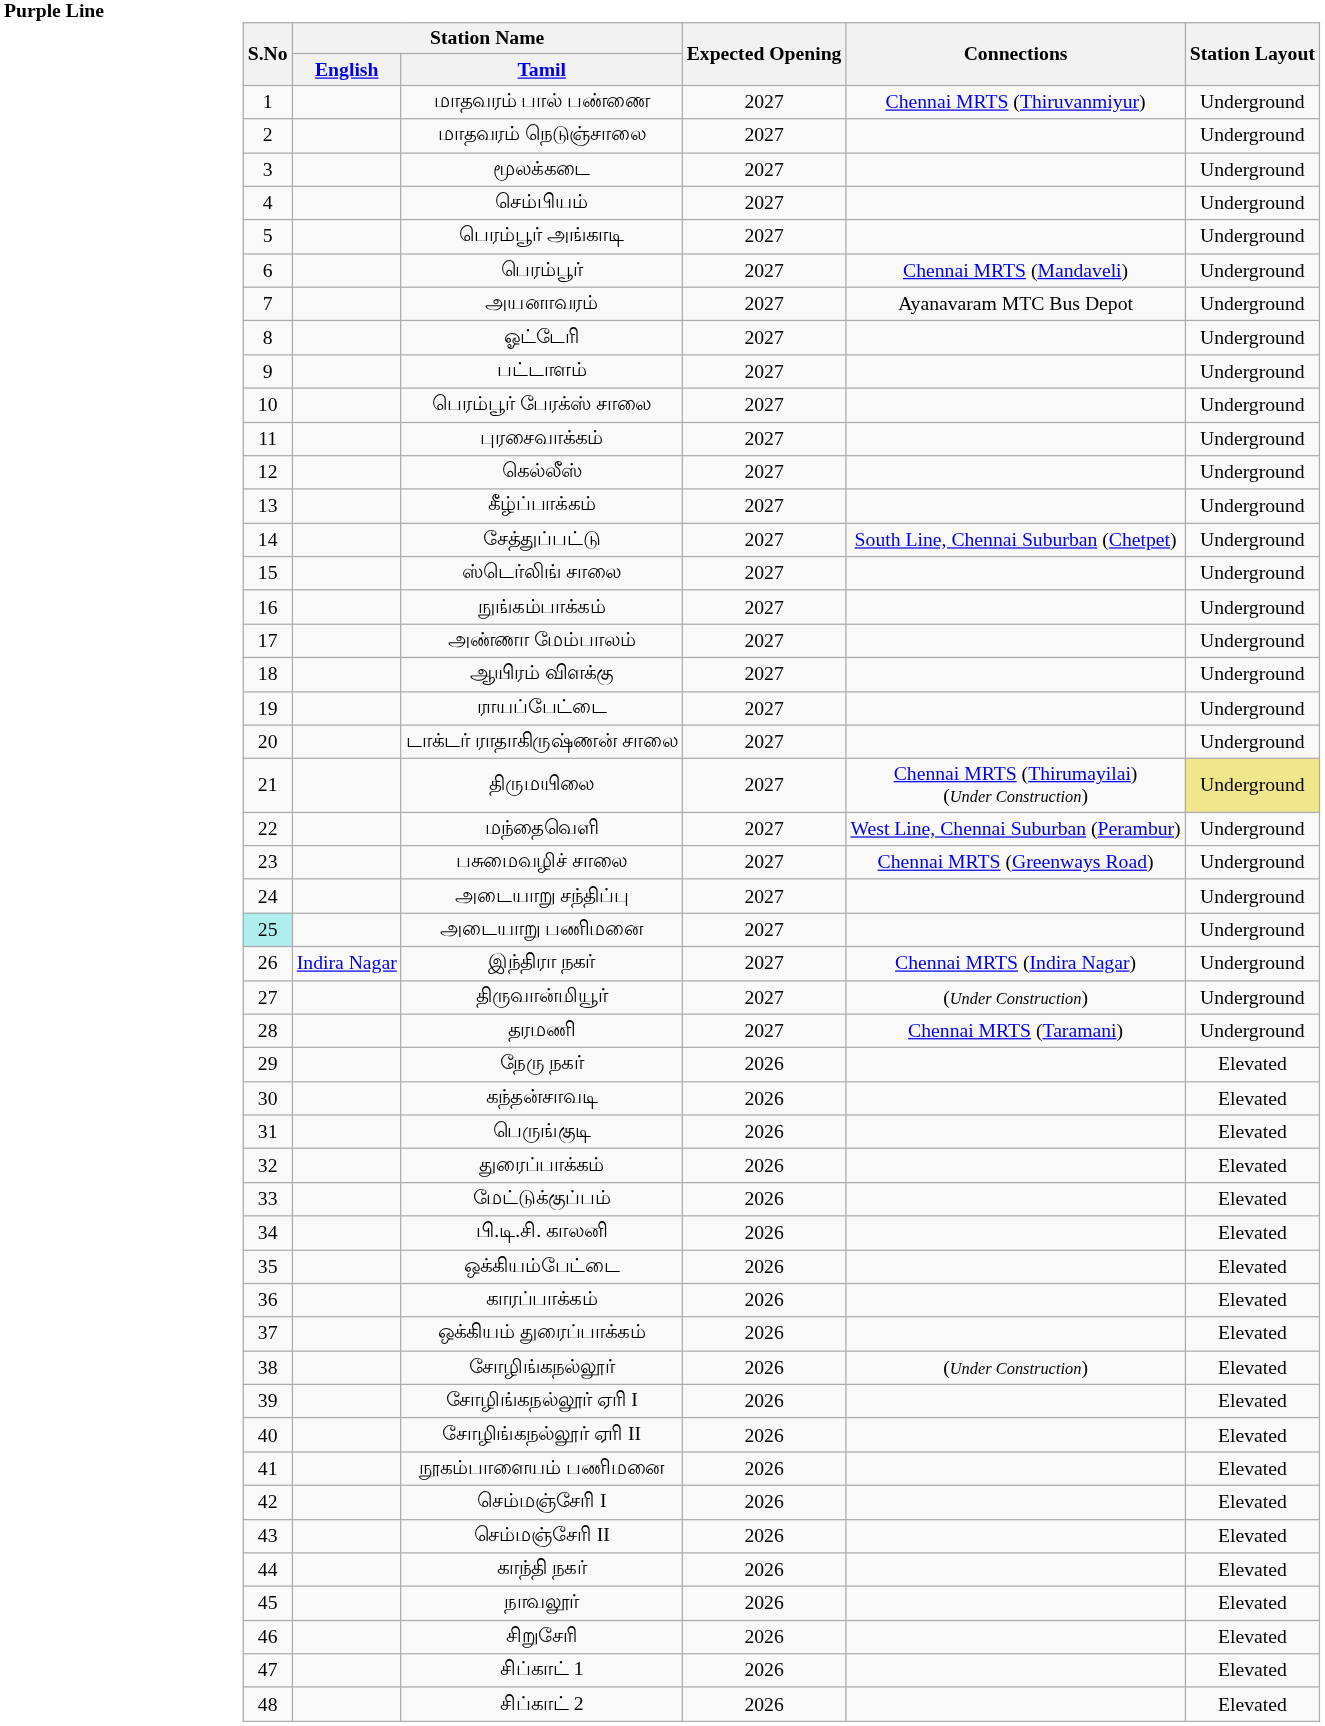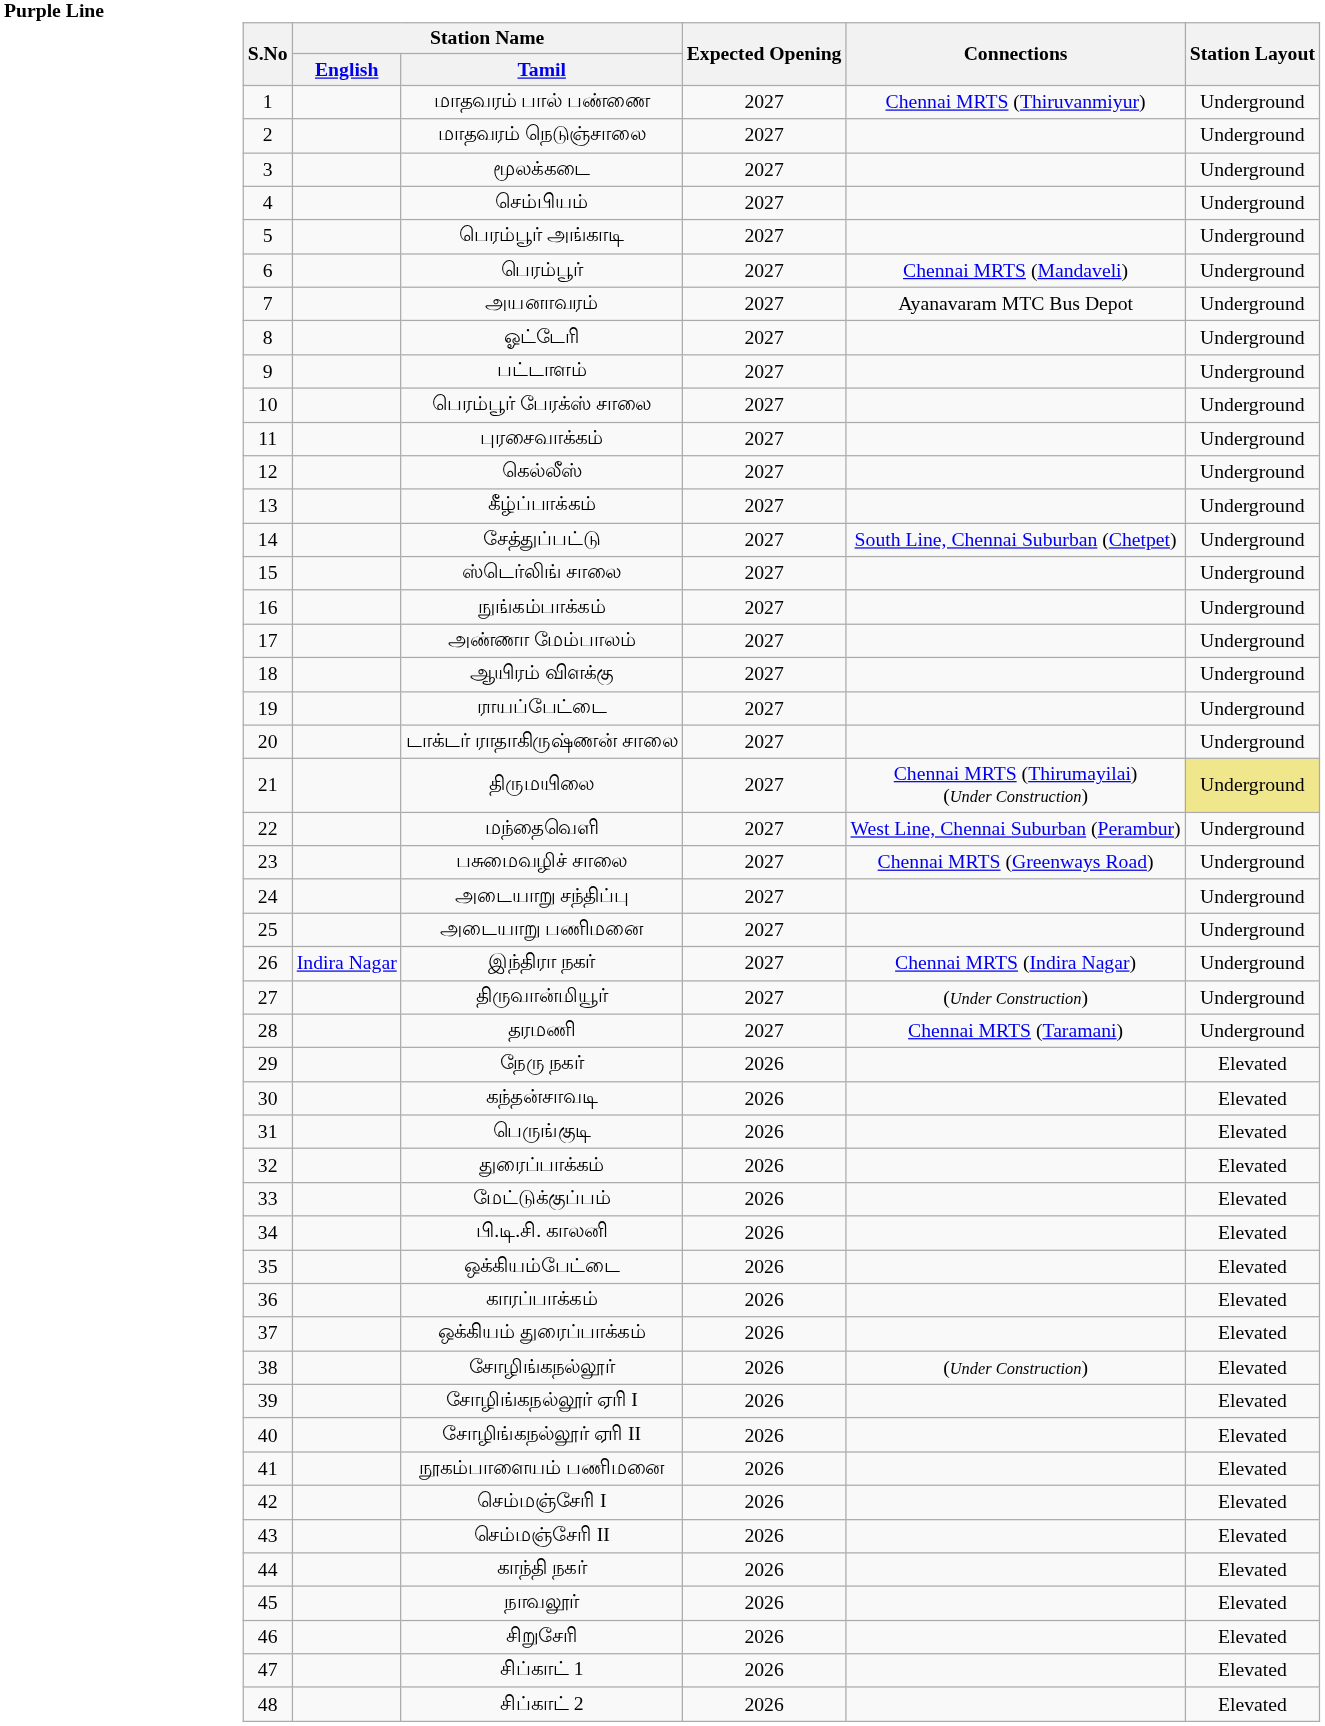 <table class="wikitable"style="text-align:center;margin:auto;>
 <tr>
 <th align="center" colspan="6" style="background:Purple;"><span><strong>Purple Line</strong></span></th>
 </tr>
 <tr>
 <th rowspan="2">S.No</th>
 <th colspan="2">Station Name</th>
 <th rowspan="2">Expected Opening</th>
 <th rowspan="2">Connections</th>
 <th rowspan="2">Station Layout</th>
 </tr>
 <tr>
 <th><a href='#'>English</a></th>
 <th><a href='#'>Tamil</a></th>
 </tr>
 <tr>
 <td>1</td>
 <td></td>
 <td>மாதவரம் பால் பண்ணை</td>
 <td>2027</td>
 <td> <a href='#'>Chennai MRTS</a> (<a href='#'>Thiruvanmiyur</a>)</td>
 <td>Underground</td>
 </tr>
 <tr>
 <td>2</td>
 <td></td>
 <td>மாதவரம் நெடுஞ்சாலை</td>
 <td>2027</td>
 <td></td>
 <td>Underground</td>
 </tr>
 <tr>
 <td>3</td>
 <td></td>
 <td>மூலக்கடை</td>
 <td>2027</td>
 <td></td>
 <td>Underground</td>
 </tr>
 <tr>
 <td>4</td>
 <td></td>
 <td>செம்பியம்</td>
 <td>2027</td>
 <td></td>
 <td>Underground</td>
 </tr>
 <tr>
 <td>5</td>
 <td></td>
 <td>பெரம்பூர் அங்காடி</td>
 <td>2027</td>
 <td></td>
 <td>Underground</td>
 </tr>
 <tr>
 <td>6</td>
 <td></td>
 <td>பெரம்பூர்</td>
 <td>2027</td>
 <td> <a href='#'>Chennai MRTS</a> (<a href='#'>Mandaveli</a>)</td>
 <td>Underground</td>
 </tr>
 <tr>
 <td>7</td>
 <td></td>
 <td>அயனாவரம்</td>
 <td>2027</td>
 <td>Ayanavaram MTC Bus Depot</td>
 <td>Underground</td>
 </tr>
 <tr>
 <td>8</td>
 <td></td>
 <td>ஓட்டேரி</td>
 <td>2027</td>
 <td></td>
 <td>Underground</td>
 </tr>
 <tr>
 <td>9</td>
 <td></td>
 <td>பட்டாளம்</td>
 <td>2027</td>
 <td></td>
 <td>Underground</td>
 </tr>
 <tr>
 <td>10</td>
 <td></td>
 <td>பெரம்பூர் பேரக்ஸ் சாலை</td>
 <td>2027</td>
 <td></td>
 <td>Underground</td>
 </tr>
 <tr>
 <td>11</td>
 <td></td>
 <td>புரசைவாக்கம்</td>
 <td>2027</td>
 <td></td>
 <td>Underground</td>
 </tr>
 <tr>
 <td>12</td>
 <td></td>
 <td>கெல்லீஸ்</td>
 <td>2027</td>
 <td></td>
 <td>Underground</td>
 </tr>
 <tr>
 <td>13</td>
 <td></td>
 <td>கீழ்ப்பாக்கம்</td>
 <td>2027</td>
 <td></td>
 <td>Underground</td>
 </tr>
 <tr>
 <td>14</td>
 <td></td>
 <td>சேத்துப்பட்டு</td>
 <td>2027</td>
 <td> <a href='#'>South Line, Chennai Suburban</a> (<a href='#'>Chetpet</a>)</td>
 <td>Underground</td>
 </tr>
 <tr>
 <td>15</td>
 <td></td>
 <td>ஸ்டெர்லிங் சாலை</td>
 <td>2027</td>
 <td></td>
 <td>Underground</td>
 </tr>
 <tr>
 <td>16</td>
 <td></td>
 <td>நுங்கம்பாக்கம்</td>
 <td>2027</td>
 <td></td>
 <td>Underground</td>
 </tr>
 <tr>
 <td>17</td>
 <td></td>
 <td>அண்ணா மேம்பாலம்</td>
 <td>2027</td>
 <td></td>
 <td>Underground</td>
 </tr>
 <tr>
 <td>18</td>
 <td></td>
 <td>ஆயிரம் விளக்கு</td>
 <td>2027</td>
 <td></td>
 <td>Underground</td>
 </tr>
 <tr>
 <td>19</td>
 <td></td>
 <td>ராயப்பேட்டை</td>
 <td>2027</td>
 <td></td>
 <td>Underground</td>
 </tr>
 <tr>
 <td>20</td>
 <td></td>
 <td>டாக்டர் ராதாகிருஷ்ணன் சாலை</td>
 <td>2027</td>
 <td></td>
 <td>Underground</td>
 </tr>
 <tr>
 <td>21</td>
 <td></td>
 <td>திருமயிலை</td>
 <td>2027</td>
 <td> <a href='#'>Chennai MRTS</a> (<a href='#'>Thirumayilai</a>) <br> (<em><small>Under Construction</small></em>)</td>
 <td style="background: khaki;">Underground</td>
 </tr>
 <tr>
 <td>22</td>
 <td></td>
 <td>மந்தைவெளி</td>
 <td>2027</td>
 <td> <a href='#'>West Line, Chennai Suburban</a> (<a href='#'>Perambur</a>)</td>
 <td>Underground</td>
 </tr>
 <tr>
 <td>23</td>
 <td></td>
 <td>பசுமைவழிச் சாலை</td>
 <td>2027</td>
 <td> <a href='#'>Chennai MRTS</a> (<a href='#'>Greenways Road</a>)</td>
 <td>Underground</td>
 </tr>
 <tr>
 <td>24</td>
 <td></td>
 <td>அடையாறு சந்திப்பு</td>
 <td>2027</td>
 <td></td>
 <td>Underground</td>
 </tr>
 <tr>
-<td style="background: paleturquoise;">25</td>
+<td>25</td>
 <td></td>
 <td>அடையாறு பணிமனை</td>
 <td>2027</td>
 <td></td>
 <td>Underground</td>
 </tr>
 <tr>
 <td>26</td>
 <td><a href='#'>Indira Nagar</a></td>
 <td>இந்திரா நகர்</td>
 <td>2027</td>
 <td> <a href='#'>Chennai MRTS</a> (<a href='#'>Indira Nagar</a>)</td>
 <td>Underground</td>
 </tr>
 <tr>
 <td>27</td>
 <td></td>
 <td>திருவான்மியூர்</td>
 <td>2027</td>
 <td> (<em><small>Under Construction</small></em>)</td>
 <td>Underground</td>
 </tr>
 <tr>
 <td>28</td>
 <td></td>
 <td>தரமணி</td>
 <td>2027</td>
 <td> <a href='#'>Chennai MRTS</a> (<a href='#'>Taramani</a>)</td>
 <td>Underground</td>
 </tr>
 <tr>
 <td>29</td>
 <td></td>
 <td>நேரு நகர்</td>
 <td>2026</td>
 <td></td>
 <td>Elevated</td>
 </tr>
 <tr>
 <td>30</td>
 <td></td>
 <td>கந்தன்சாவடி</td>
 <td>2026</td>
 <td></td>
 <td>Elevated</td>
 </tr>
 <tr>
 <td>31</td>
 <td></td>
 <td>பெருங்குடி</td>
 <td>2026</td>
 <td></td>
 <td>Elevated</td>
 </tr>
 <tr>
 <td>32</td>
 <td></td>
 <td>துரைப்பாக்கம்</td>
 <td>2026</td>
 <td></td>
 <td>Elevated</td>
 </tr>
 <tr>
 <td>33</td>
 <td></td>
 <td>மேட்டுக்குப்பம்</td>
 <td>2026</td>
 <td></td>
 <td>Elevated</td>
 </tr>
 <tr>
 <td>34</td>
 <td></td>
 <td>பி.டி.சி. காலனி</td>
 <td>2026</td>
 <td></td>
 <td>Elevated</td>
 </tr>
 <tr>
 <td>35</td>
 <td></td>
 <td>ஒக்கியம்பேட்டை</td>
 <td>2026</td>
 <td></td>
 <td>Elevated</td>
 </tr>
 <tr>
 <td>36</td>
 <td></td>
 <td>காரப்பாக்கம்</td>
 <td>2026</td>
 <td></td>
 <td>Elevated</td>
 </tr>
 <tr>
 <td>37</td>
 <td></td>
 <td>ஒக்கியம் துரைப்பாக்கம்</td>
 <td>2026</td>
 <td></td>
 <td>Elevated</td>
 </tr>
 <tr>
 <td>38</td>
 <td></td>
 <td>சோழிங்கநல்லூர்</td>
 <td>2026</td>
 <td> (<em><small>Under Construction</small></em>)</td>
 <td>Elevated</td>
 </tr>
 <tr>
 <td>39</td>
 <td></td>
 <td>சோழிங்கநல்லூர் ஏரி I</td>
 <td>2026</td>
 <td></td>
 <td>Elevated</td>
 </tr>
 <tr>
 <td>40</td>
 <td></td>
 <td>சோழிங்கநல்லூர் ஏரி II</td>
 <td>2026</td>
 <td></td>
 <td>Elevated</td>
 </tr>
 <tr>
 <td>41</td>
 <td></td>
 <td>நூகம்பாளையம் பணிமனை</td>
 <td>2026</td>
 <td></td>
 <td>Elevated</td>
 </tr>
 <tr>
 <td>42</td>
 <td></td>
 <td>செம்மஞ்சேரி I</td>
 <td>2026</td>
 <td></td>
 <td>Elevated</td>
 </tr>
 <tr>
 <td>43</td>
 <td></td>
 <td>செம்மஞ்சேரி II</td>
 <td>2026</td>
 <td></td>
 <td>Elevated</td>
 </tr>
 <tr>
 <td>44</td>
 <td></td>
 <td>காந்தி நகர்</td>
 <td>2026</td>
 <td></td>
 <td>Elevated</td>
 </tr>
 <tr>
 <td>45</td>
 <td></td>
 <td>நாவலூர்</td>
 <td>2026</td>
 <td></td>
 <td>Elevated</td>
 </tr>
 <tr>
 <td>46</td>
 <td></td>
 <td>சிறுசேரி</td>
 <td>2026</td>
 <td></td>
 <td>Elevated</td>
 </tr>
 <tr>
 <td>47</td>
 <td></td>
 <td>சிப்காட் 1</td>
 <td>2026</td>
 <td></td>
 <td>Elevated</td>
 </tr>
 <tr>
 <td>48</td>
 <td></td>
 <td>சிப்காட் 2</td>
 <td>2026</td>
 <td></td>
 <td>Elevated</td>
 </tr>
 </table>
